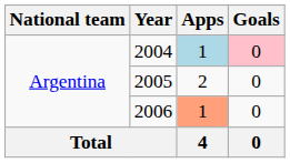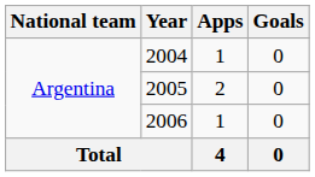 <table class="wikitable" style="text-align:center">
 <tr>
 <th>National team</th>
 <th>Year</th>
 <th>Apps</th>
 <th>Goals</th>
 </tr>
 <tr>
 <td rowspan="3"><a href='#'>Argentina</a></td>
 <td>2004</td>
-<td style="background: lightblue;">1</td>
-<td style="background: pink;">0</td>
+<td>1</td>
+<td>0</td>
 </tr>
 <tr>
 <td>2005</td>
 <td>2</td>
 <td>0</td>
 </tr>
 <tr>
 <td>2006</td>
-<td style="background: lightsalmon;">1</td>
+<td>1</td>
 <td>0</td>
 </tr>
 <tr>
 <th colspan="2">Total</th>
 <th>4</th>
 <th>0</th>
 </tr>
 </table>
